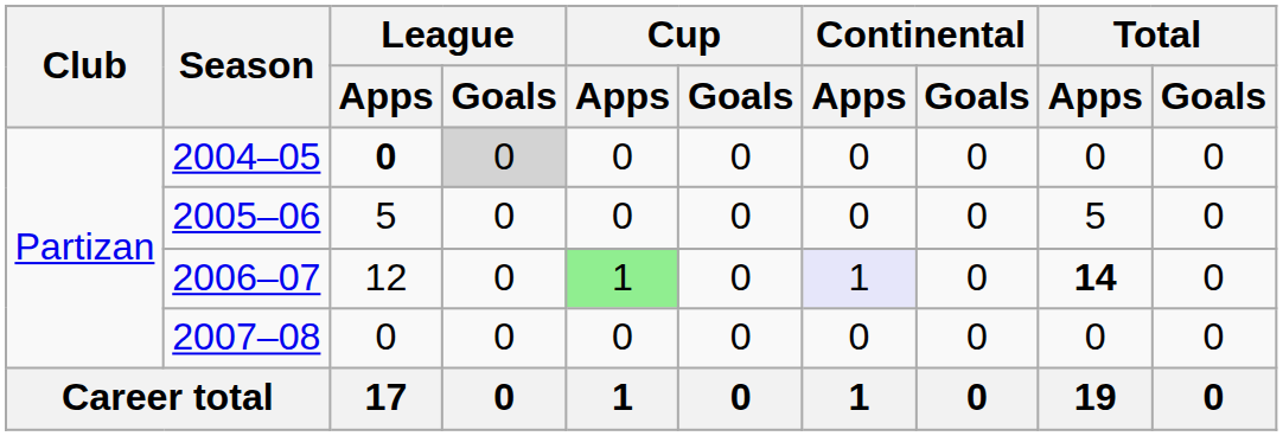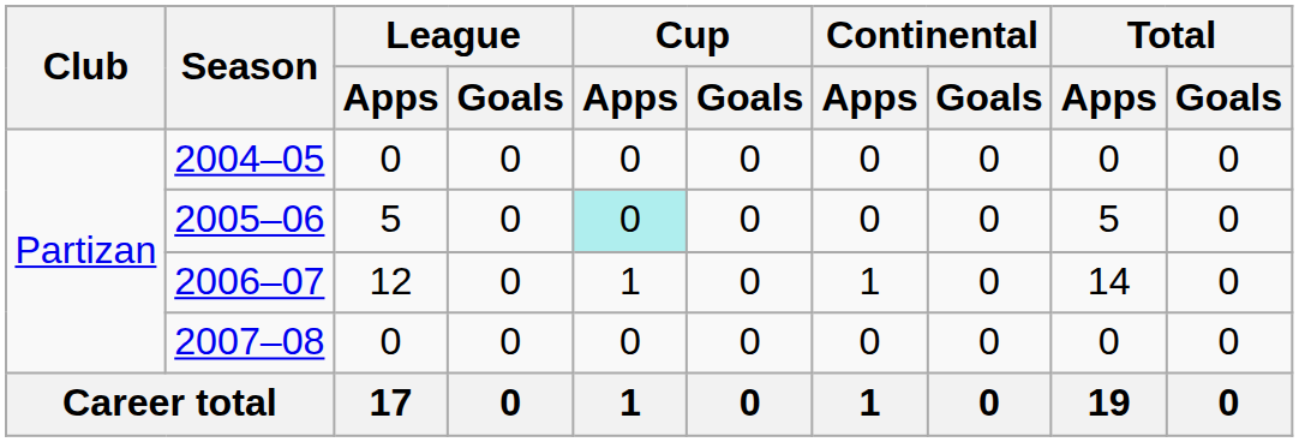 <table class="wikitable" style="text-align:center">
 <tr>
 <th rowspan="2">Club</th>
 <th rowspan="2">Season</th>
 <th colspan="2">League</th>
 <th colspan="2">Cup</th>
 <th colspan="2">Continental</th>
 <th colspan="2">Total</th>
 </tr>
 <tr>
 <th>Apps</th>
 <th>Goals</th>
 <th>Apps</th>
 <th>Goals</th>
 <th>Apps</th>
 <th>Goals</th>
 <th>Apps</th>
 <th>Goals</th>
 </tr>
 <tr>
 <td rowspan="4"><a href='#'>Partizan</a></td>
 <td><a href='#'>2004–05</a></td>
-<td><strong>0</strong></td>
-<td style="background: lightgrey;">0</td>
+<td>0</td>
+<td>0</td>
 <td>0</td>
 <td>0</td>
 <td>0</td>
 <td>0</td>
 <td>0</td>
 <td>0</td>
 </tr>
 <tr>
 <td><a href='#'>2005–06</a></td>
 <td>5</td>
 <td>0</td>
-<td>0</td>
+<td style="background: paleturquoise;">0</td>
 <td>0</td>
 <td>0</td>
 <td>0</td>
 <td>5</td>
 <td>0</td>
 </tr>
 <tr>
 <td><a href='#'>2006–07</a></td>
 <td>12</td>
 <td>0</td>
-<td style="background: lightgreen;">1</td>
+<td>1</td>
 <td>0</td>
-<td style="background: lavender;">1</td>
+<td>1</td>
 <td>0</td>
-<td><strong>14</strong></td>
+<td>14</td>
 <td>0</td>
 </tr>
 <tr>
 <td><a href='#'>2007–08</a></td>
 <td>0</td>
 <td>0</td>
 <td>0</td>
 <td>0</td>
 <td>0</td>
 <td>0</td>
 <td>0</td>
 <td>0</td>
 </tr>
 <tr>
 <th colspan="2">Career total</th>
 <th>17</th>
 <th>0</th>
 <th>1</th>
 <th>0</th>
 <th>1</th>
 <th>0</th>
 <th>19</th>
 <th>0</th>
 </tr>
 </table>
